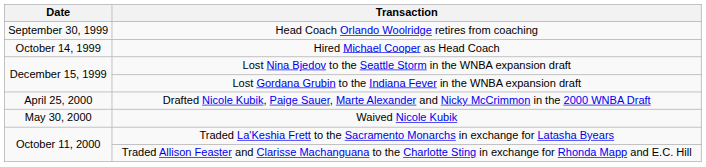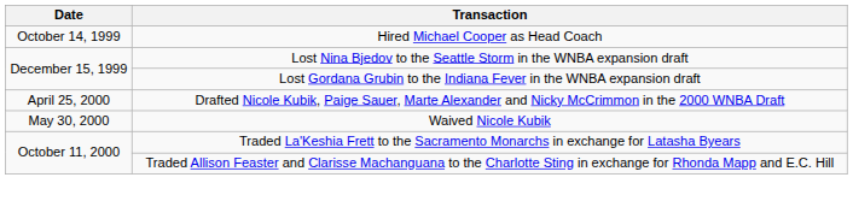 <table class="wikitable" style="width:80%; text-align: center;">
 <tr>
 <th>Date</th>
 <th>Transaction</th>
-</tr>
-<tr>
-<td>September 30, 1999</td>
-<td>Head Coach <a href='#'>Orlando Woolridge</a> retires from coaching</td>
 </tr>
 <tr>
 <td>October 14, 1999</td>
 <td>Hired <a href='#'>Michael Cooper</a> as Head Coach</td>
 </tr>
 <tr>
 <td rowspan="2">December 15, 1999</td>
 <td>Lost <a href='#'>Nina Bjedov</a> to the <a href='#'>Seattle Storm</a> in the WNBA expansion draft</td>
 </tr>
 <tr>
 <td>Lost <a href='#'>Gordana Grubin</a> to the <a href='#'>Indiana Fever</a> in the WNBA expansion draft</td>
 </tr>
 <tr>
 <td>April 25, 2000</td>
 <td>Drafted <a href='#'>Nicole Kubik</a>, <a href='#'>Paige Sauer</a>, <a href='#'>Marte Alexander</a> and <a href='#'>Nicky McCrimmon</a> in the <a href='#'>2000 WNBA Draft</a></td>
 </tr>
 <tr>
 <td>May 30, 2000</td>
 <td>Waived <a href='#'>Nicole Kubik</a></td>
 </tr>
 <tr>
 <td rowspan="2">October 11, 2000</td>
 <td>Traded <a href='#'>La'Keshia Frett</a> to the <a href='#'>Sacramento Monarchs</a> in exchange for <a href='#'>Latasha Byears</a></td>
 </tr>
 <tr>
 <td>Traded <a href='#'>Allison Feaster</a> and <a href='#'>Clarisse Machanguana</a> to the <a href='#'>Charlotte Sting</a> in exchange for <a href='#'>Rhonda Mapp</a> and E.C. Hill</td>
 </tr>
 </table>
